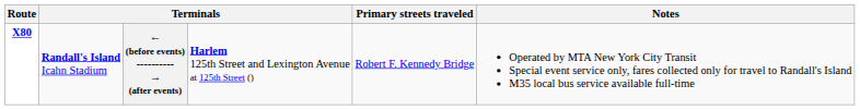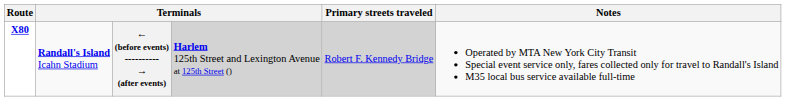 <table class="wikitable" style="font-size: 95%;" |>
 <tr>
 <th>Route</th>
 <th colspan=3>Terminals</th>
 <th>Primary streets traveled</th>
 <th>Notes</th>
 </tr>
 <tr>
 <td style="background:white; color:black" align="center" valign=top><div><strong><a href='#'>X80</a></strong></div></td>
 <td><strong><a href='#'>Randall's Island</a></strong><br><a href='#'>Icahn Stadium</a></td>
 <th><div><span>←</span><br><small>(before events)</small><br>----------<br><span>→</span><br><small>(after events)</small></div></th>
-<td><strong><a href='#'>Harlem</a></strong><br>125th Street and Lexington Avenue<br><small>at <a href='#'>125th Street</a> ()</small></td>
-<td><a href='#'>Robert F. Kennedy Bridge</a></td>
+<td style="background: lightgrey;"><strong><a href='#'>Harlem</a></strong><br>125th Street and Lexington Avenue<br><small>at <a href='#'>125th Street</a> ()</small></td>
+<td style="background: lightgrey;"><a href='#'>Robert F. Kennedy Bridge</a></td>
 <td><br><ul><li>Operated by MTA New York City Transit</li><li>Special event service only, fares collected only for travel to Randall's Island</li><li>M35 local bus service available full-time</li></ul></td>
 </tr>
 </table>
